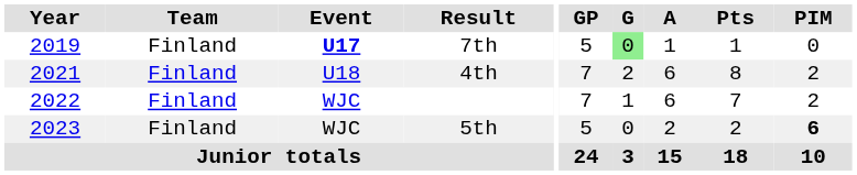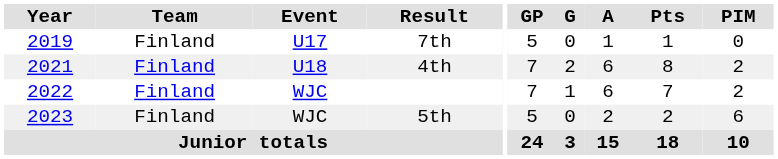 <table border="0" cellpadding="1" cellspacing="0" ID="Table3" style="text-align:center; width:40em">
 <tr ALIGN="center" bgcolor="#e0e0e0">
 <th>Year</th>
 <th>Team</th>
 <th>Event</th>
 <th>Result</th>
 <th rowspan="99" bgcolor="#ffffff"></th>
 <th>GP</th>
 <th>G</th>
 <th>A</th>
 <th>Pts</th>
 <th>PIM</th>
 </tr>
 <tr>
 <td><a href='#'>2019</a></td>
 <td>Finland</td>
-<td><strong><a href='#'>U17</a></strong></td>
+<td><a href='#'>U17</a></td>
 <td>7th</td>
 <td>5</td>
-<td style="background: lightgreen;">0</td>
+<td>0</td>
 <td>1</td>
 <td>1</td>
 <td>0</td>
 </tr>
 <tr bgcolor="#f0f0f0">
 <td><a href='#'>2021</a></td>
 <td><a href='#'>Finland</a></td>
 <td><a href='#'>U18</a></td>
 <td>4th</td>
 <td>7</td>
 <td>2</td>
 <td>6</td>
 <td>8</td>
 <td>2</td>
 </tr>
 <tr>
 <td><a href='#'>2022</a></td>
 <td><a href='#'>Finland</a></td>
 <td><a href='#'>WJC</a></td>
 <td></td>
 <td>7</td>
 <td>1</td>
 <td>6</td>
 <td>7</td>
 <td>2</td>
 </tr>
 <tr bgcolor="#f0f0f0">
 <td><a href='#'>2023</a></td>
 <td>Finland</td>
 <td>WJC</td>
 <td>5th</td>
 <td>5</td>
 <td>0</td>
 <td>2</td>
 <td>2</td>
-<td><strong>6</strong></td>
+<td>6</td>
 </tr>
 <tr ALIGN="center" bgcolor="#e0e0e0">
 <th colspan=4>Junior totals</th>
 <th>24</th>
 <th>3</th>
 <th>15</th>
 <th>18</th>
 <th>10</th>
 </tr>
 </table>
